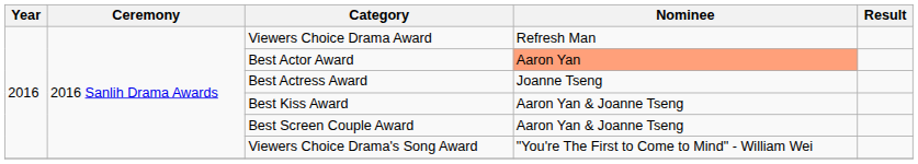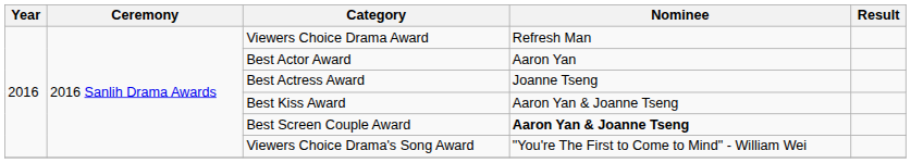 <table class="wikitable" width="83%">
 <tr>
 <th>Year</th>
 <th>Ceremony</th>
 <th>Category</th>
 <th>Nominee</th>
 <th>Result</th>
 </tr>
 <tr>
 <td rowspan=6>2016</td>
 <td rowspan=6>2016 <a href='#'>Sanlih Drama Awards</a></td>
 <td>Viewers Choice Drama Award</td>
 <td>Refresh Man</td>
 <td></td>
 </tr>
 <tr>
 <td>Best Actor Award</td>
-<td style="background: lightsalmon;">Aaron Yan</td>
+<td>Aaron Yan</td>
 <td></td>
 </tr>
 <tr>
 <td>Best Actress Award</td>
 <td>Joanne Tseng</td>
 <td></td>
 </tr>
 <tr>
 <td>Best Kiss Award</td>
 <td>Aaron Yan & Joanne Tseng</td>
 <td></td>
 </tr>
 <tr>
 <td>Best Screen Couple Award</td>
-<td>Aaron Yan & Joanne Tseng</td>
+<td><strong>Aaron Yan & Joanne Tseng</strong></td>
 <td></td>
 </tr>
 <tr>
 <td>Viewers Choice Drama's Song Award</td>
 <td>"You're The First to Come to Mind" - William Wei</td>
 <td></td>
 </tr>
 <tr>
 </tr>
 </table>
